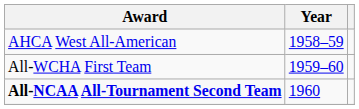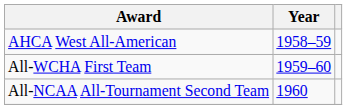 <table class="wikitable">
 <tr>
 <th>Award</th>
 <th>Year</th>
 <th></th>
 </tr>
 <tr>
 <td><a href='#'>AHCA</a> <a href='#'>West All-American</a></td>
 <td><a href='#'>1958–59</a></td>
 <td></td>
 </tr>
 <tr>
 <td>All-<a href='#'>WCHA</a> <a href='#'>First Team</a></td>
 <td><a href='#'>1959–60</a></td>
 <td></td>
 </tr>
 <tr>
-<td><strong>All-<a href='#'>NCAA</a> <a href='#'>All-Tournament Second Team</a></strong></td>
+<td>All-<a href='#'>NCAA</a> <a href='#'>All-Tournament Second Team</a></td>
 <td><a href='#'>1960</a></td>
 <td></td>
 </tr>
 <tr>
 </tr>
 </table>
